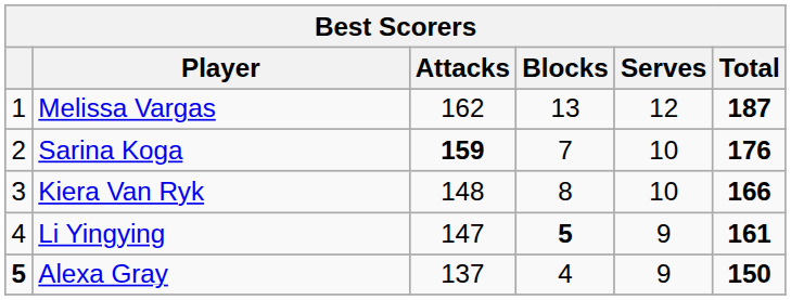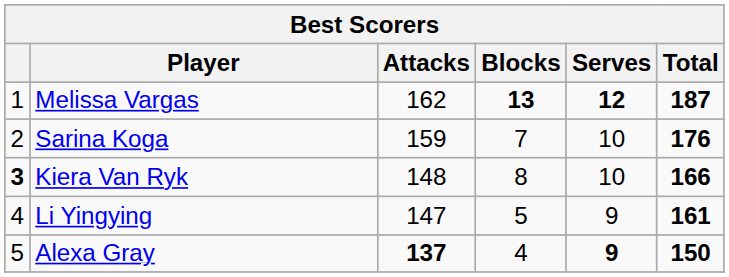 <table class="wikitable sortable" style=font-size:90%>
 <tr>
 <th colspan=6>Best Scorers</th>
 </tr>
 <tr>
 <th></th>
 <th width=200>Player</th>
 <th width=20>Attacks</th>
 <th width=20>Blocks</th>
 <th width=20>Serves</th>
 <th width=20>Total</th>
 </tr>
 <tr>
 <td>1</td>
 <td> <a href='#'>Melissa Vargas</a></td>
 <td align=center>162</td>
-<td align=center>13</td>
-<td align=center>12</td>
+<td align=center><strong>13</strong></td>
+<td align=center><strong>12</strong></td>
 <td align=center><strong>187</strong></td>
 </tr>
 <tr>
 <td>2</td>
 <td> <a href='#'>Sarina Koga</a></td>
-<td align=center><strong>159</strong></td>
+<td align=center>159</td>
 <td align=center>7</td>
 <td align=center>10</td>
 <td align=center><strong>176</strong></td>
 </tr>
 <tr>
-<td>3</td>
+<td><strong>3</strong></td>
 <td> <a href='#'>Kiera Van Ryk</a></td>
 <td align=center>148</td>
 <td align=center>8</td>
 <td align=center>10</td>
 <td align=center><strong>166</strong></td>
 </tr>
 <tr>
 <td>4</td>
 <td> <a href='#'>Li Yingying</a></td>
 <td align=center>147</td>
-<td align=center><strong>5</strong></td>
+<td align=center>5</td>
 <td align=center>9</td>
 <td align=center><strong>161</strong></td>
 </tr>
 <tr>
-<td><strong>5</strong></td>
+<td>5</td>
 <td> <a href='#'>Alexa Gray</a></td>
-<td align=center>137</td>
+<td align=center><strong>137</strong></td>
 <td align=center>4</td>
-<td align=center>9</td>
+<td align=center><strong>9</strong></td>
 <td align=center><strong>150</strong></td>
 </tr>
 </table>
